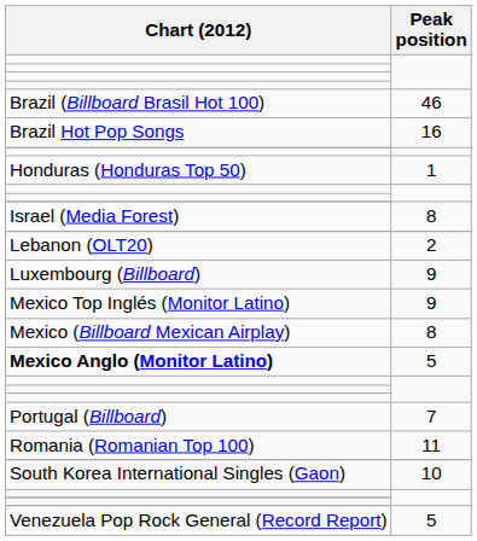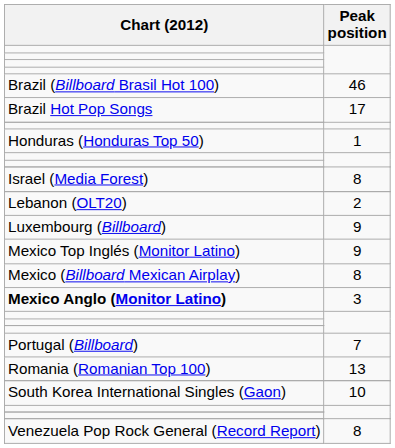 <table class="wikitable sortable">
 <tr>
 <th>Chart (2012)</th>
 <th>Peak<br>position</th>
 </tr>
 <tr>
 <td></td>
 </tr>
 <tr>
 <td></td>
 </tr>
 <tr>
 <td></td>
 </tr>
 <tr>
 <td></td>
 </tr>
 <tr>
 <td>Brazil (<a href='#'><em>Billboard</em> Brasil Hot 100</a>)</td>
 <td style="text-align:center;">46</td>
 </tr>
 <tr>
 <td>Brazil <a href='#'>Hot Pop Songs</a></td>
-<td style="text-align:center;">16</td>
+<td style="text-align:center;">17</td>
 </tr>
 <tr>
 </tr>
 <tr>
 </tr>
 <tr>
 </tr>
 <tr>
 </tr>
 <tr>
 </tr>
 <tr>
 <td></td>
 </tr>
 <tr>
 <td>Honduras (<a href='#'>Honduras Top 50</a>)</td>
 <td style="text-align:center;">1</td>
 </tr>
 <tr>
 <td></td>
 </tr>
 <tr>
 <td></td>
 </tr>
 <tr>
 </tr>
 <tr>
 <td>Israel (<a href='#'>Media Forest</a>)</td>
 <td style="text-align:center;">8</td>
 </tr>
 <tr>
 </tr>
 <tr>
 <td>Lebanon (<a href='#'>OLT20</a>)</td>
 <td style="text-align:center;">2</td>
 </tr>
 <tr>
 <td>Luxembourg (<em><a href='#'>Billboard</a></em>)</td>
 <td style="text-align:center;">9</td>
 </tr>
 <tr>
 <td>Mexico Top Inglés (<a href='#'>Monitor Latino</a>)</td>
 <td style="text-align:center;">9</td>
 </tr>
 <tr>
 <td>Mexico (<a href='#'><em>Billboard</em> Mexican Airplay</a>)</td>
 <td style="text-align:center;">8</td>
 </tr>
 <tr>
 <td><strong>Mexico Anglo (<a href='#'>Monitor Latino</a>)</strong></td>
-<td style="text-align:center;">5</td>
+<td style="text-align:center;">3</td>
 </tr>
 <tr>
 <td></td>
 </tr>
 <tr>
 <td></td>
 </tr>
 <tr>
 </tr>
 <tr>
 </tr>
 <tr>
 </tr>
 <tr>
 <td></td>
 </tr>
 <tr>
 <td>Portugal (<em><a href='#'>Billboard</a></em>)</td>
 <td style="text-align:center;">7</td>
 </tr>
 <tr>
 <td>Romania (<a href='#'>Romanian Top 100</a>)</td>
-<td style="text-align:center;">11</td>
+<td style="text-align:center;">13</td>
 </tr>
 <tr>
 </tr>
 <tr>
 </tr>
 <tr>
 <td>South Korea International Singles (<a href='#'>Gaon</a>)</td>
 <td style="text-align:center;">10</td>
 </tr>
 <tr>
 <td></td>
 </tr>
 <tr>
 </tr>
 <tr>
 <td></td>
 </tr>
 <tr>
 </tr>
 <tr>
 </tr>
 <tr>
 </tr>
 <tr>
 </tr>
 <tr>
 </tr>
 <tr>
 </tr>
 <tr>
 </tr>
 <tr>
 </tr>
 <tr>
 </tr>
 <tr>
 </tr>
 <tr>
 </tr>
 <tr>
 <td>Venezuela Pop Rock General (<a href='#'>Record Report</a>)</td>
-<td style="text-align:center;">5</td>
+<td style="text-align:center;">8</td>
 </tr>
 </table>
